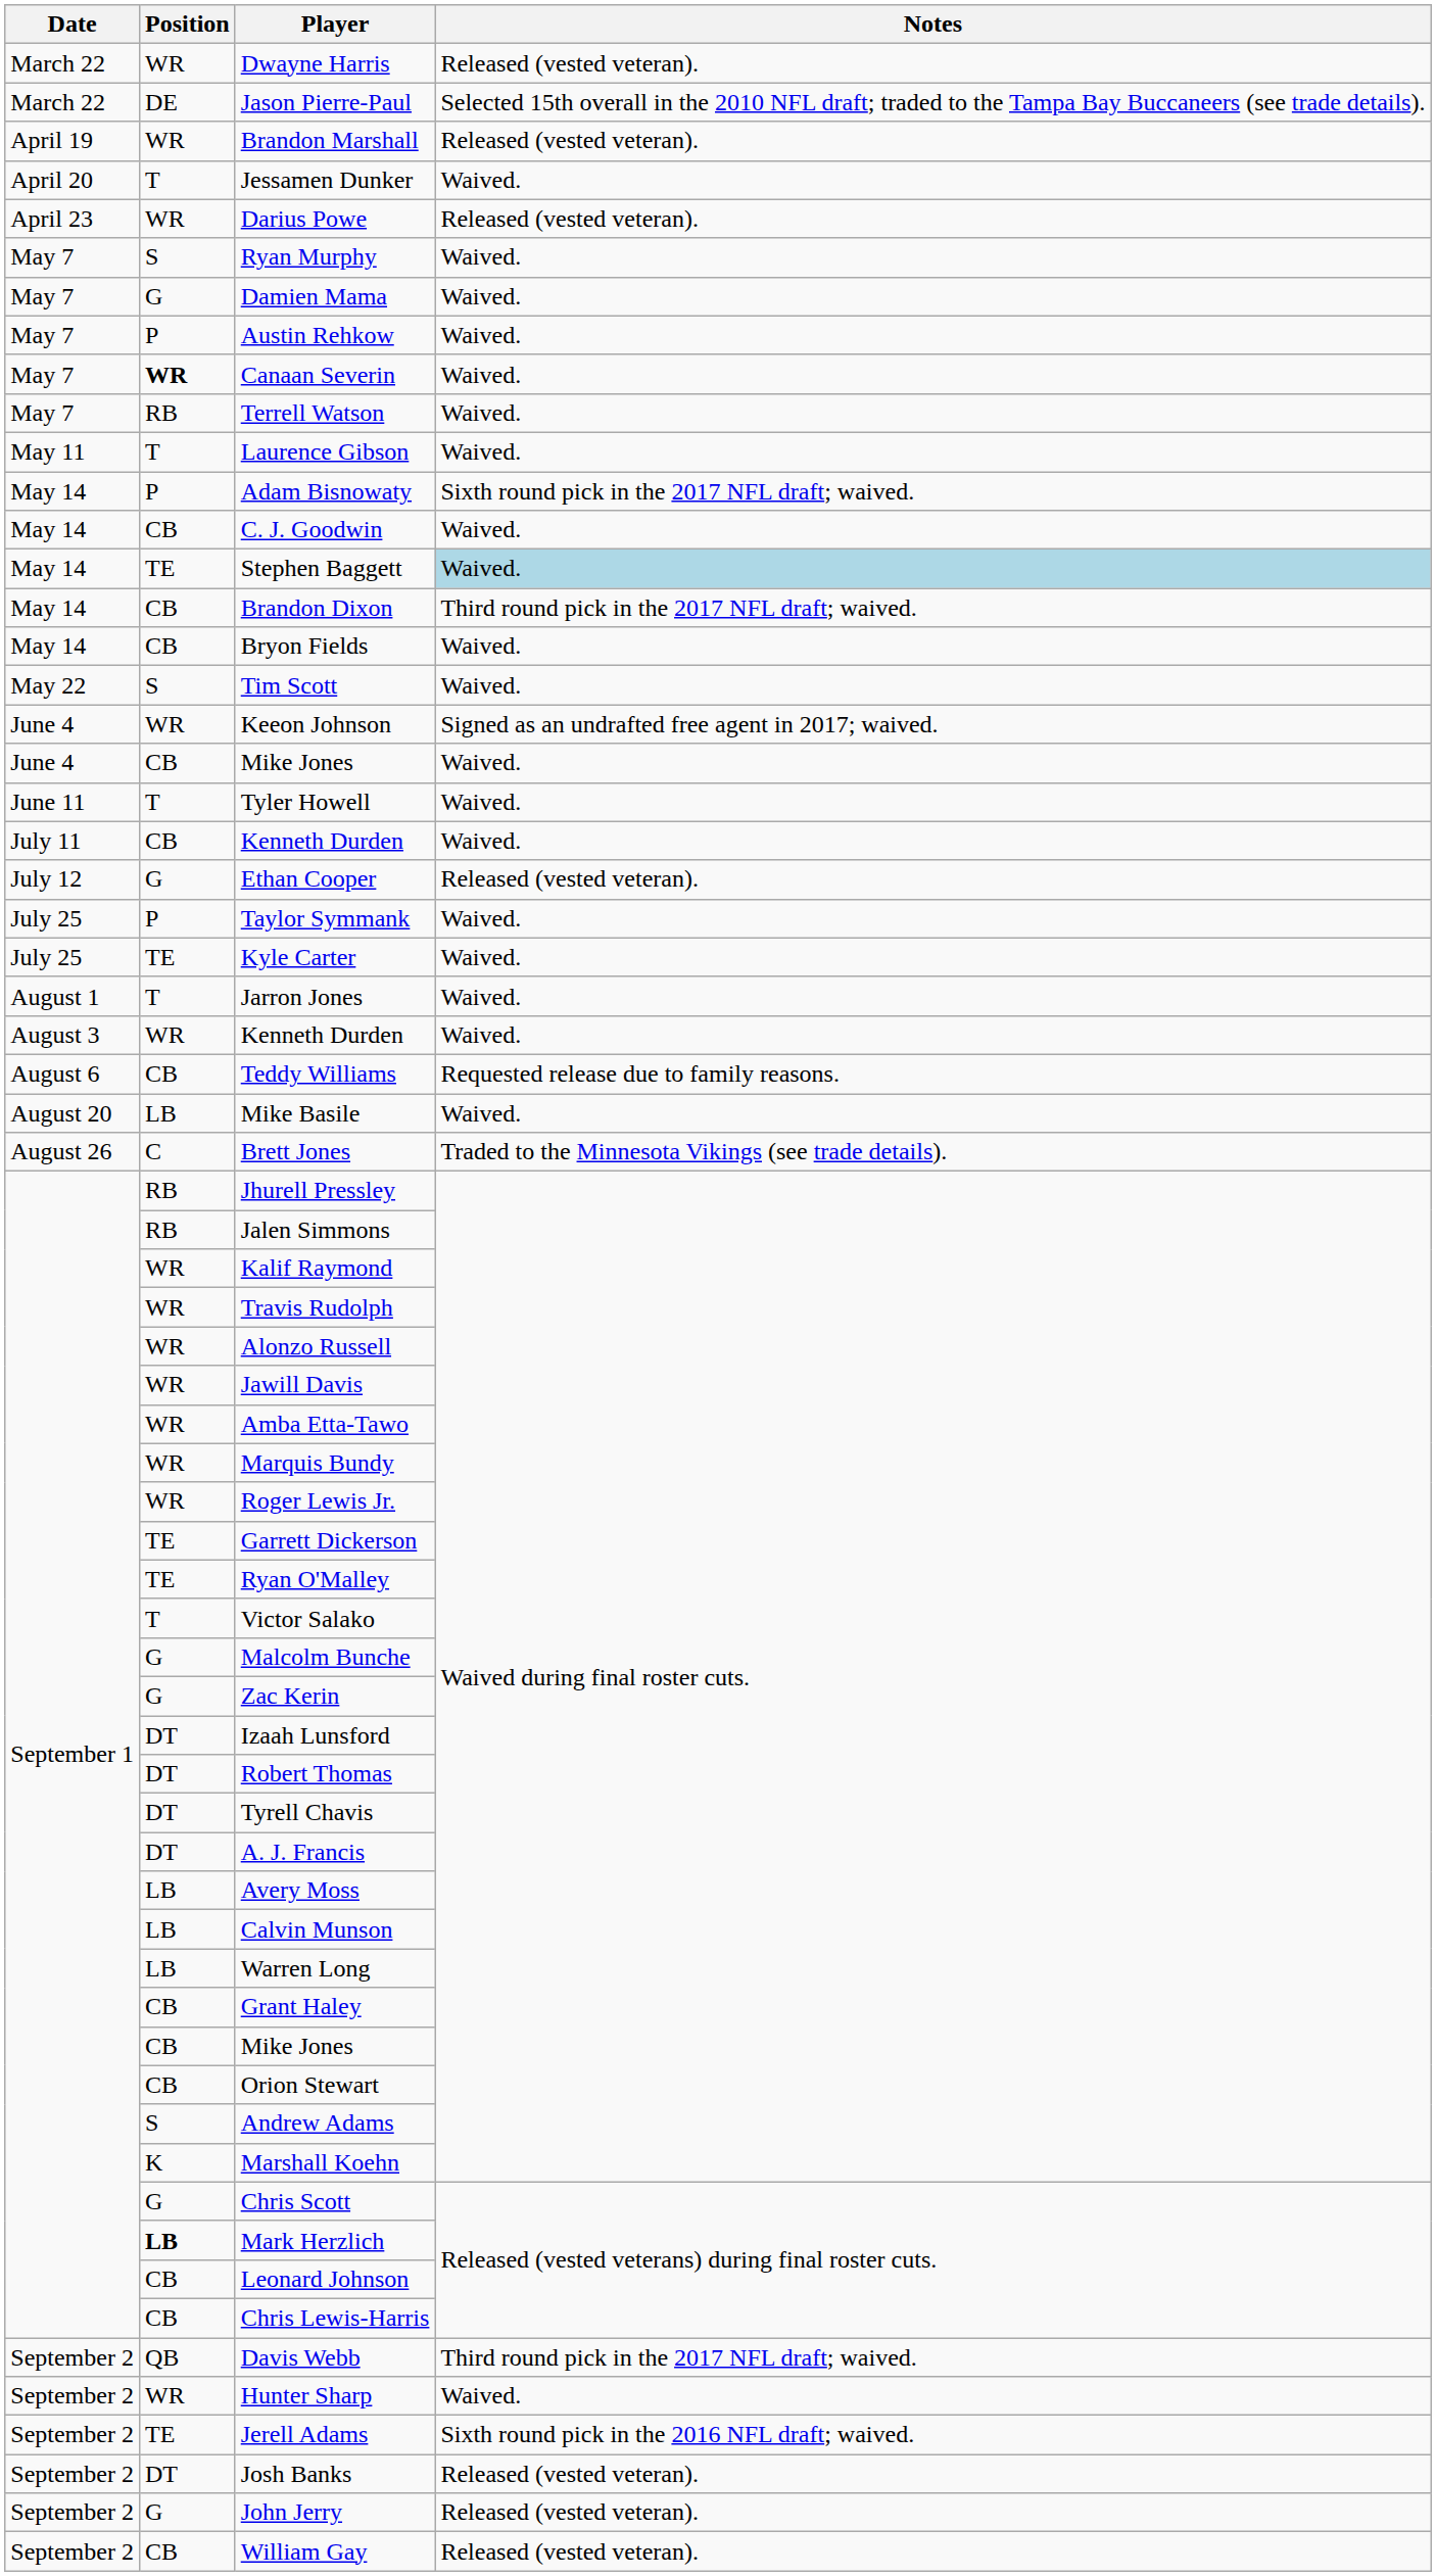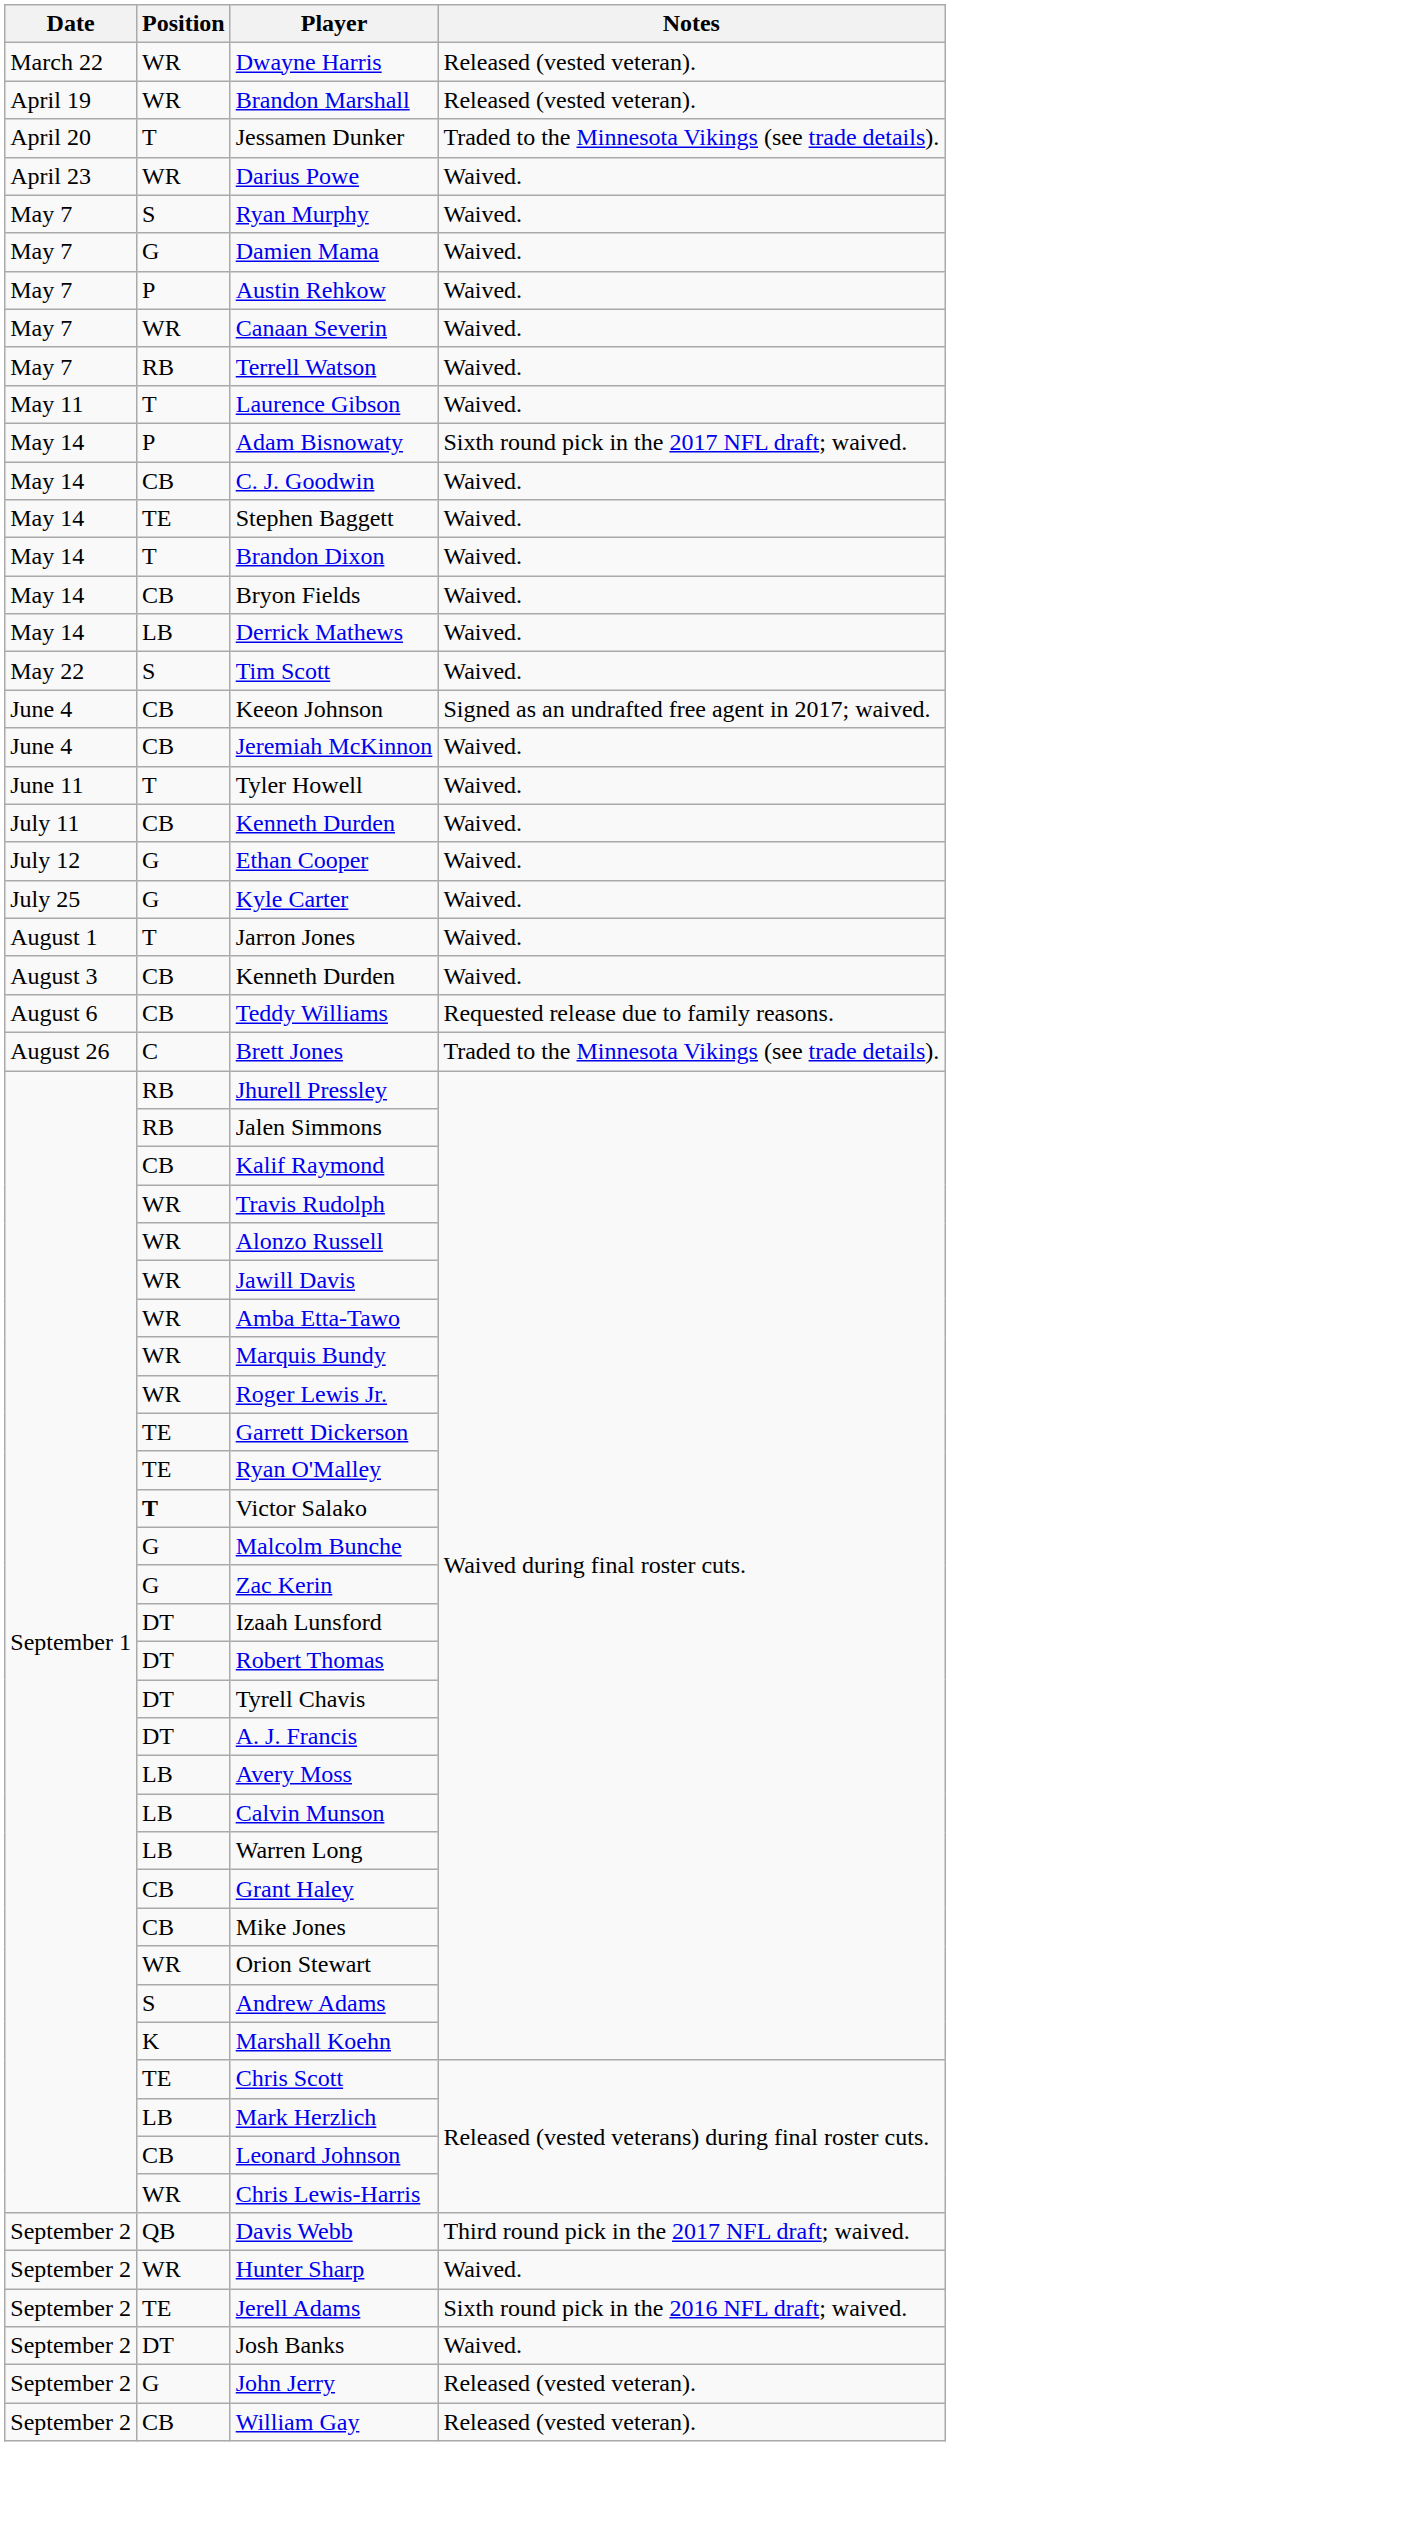 <table class="wikitable sortable">
 <tr>
 <th>Date</th>
 <th>Position</th>
 <th>Player</th>
 <th>Notes</th>
 </tr>
 <tr>
 <td>March 22</td>
 <td>WR</td>
 <td><a href='#'>Dwayne Harris</a></td>
 <td>Released (vested veteran).</td>
 </tr>
 <tr>
-<td>March 22</td>
-<td>DE</td>
-<td><a href='#'>Jason Pierre-Paul</a></td>
-<td>Selected 15th overall in the <a href='#'>2010 NFL draft</a>; traded to the <a href='#'>Tampa Bay Buccaneers</a> (see <a href='#'>trade details</a>).</td>
-</tr>
-<tr>
 <td>April 19</td>
 <td>WR</td>
 <td><a href='#'>Brandon Marshall</a></td>
 <td>Released (vested veteran).</td>
 </tr>
 <tr>
 <td>April 20</td>
 <td>T</td>
 <td>Jessamen Dunker</td>
-<td>Waived.</td>
+<td>Traded to the <a href='#'>Minnesota Vikings</a> (see <a href='#'>trade details</a>).</td>
 </tr>
 <tr>
 <td>April 23</td>
 <td>WR</td>
 <td><a href='#'>Darius Powe</a></td>
-<td>Released (vested veteran).</td>
+<td>Waived.</td>
 </tr>
 <tr>
 <td>May 7</td>
 <td>S</td>
 <td><a href='#'>Ryan Murphy</a></td>
 <td>Waived.</td>
 </tr>
 <tr>
 <td>May 7</td>
 <td>G</td>
 <td><a href='#'>Damien Mama</a></td>
 <td>Waived.</td>
 </tr>
 <tr>
 <td>May 7</td>
 <td>P</td>
 <td><a href='#'>Austin Rehkow</a></td>
 <td>Waived.</td>
 </tr>
 <tr>
 <td>May 7</td>
-<td><strong>WR</strong></td>
+<td>WR</td>
 <td><a href='#'>Canaan Severin</a></td>
 <td>Waived.</td>
 </tr>
 <tr>
 <td>May 7</td>
 <td>RB</td>
 <td><a href='#'>Terrell Watson</a></td>
 <td>Waived.</td>
 </tr>
 <tr>
 <td>May 11</td>
 <td>T</td>
 <td><a href='#'>Laurence Gibson</a></td>
 <td>Waived.</td>
 </tr>
 <tr>
 <td>May 14</td>
 <td>P</td>
 <td><a href='#'>Adam Bisnowaty</a></td>
 <td>Sixth round pick in the <a href='#'>2017 NFL draft</a>; waived.</td>
 </tr>
 <tr>
 <td>May 14</td>
 <td>CB</td>
 <td><a href='#'>C. J. Goodwin</a></td>
 <td>Waived.</td>
 </tr>
 <tr>
 <td>May 14</td>
 <td>TE</td>
 <td>Stephen Baggett</td>
-<td style="background: lightblue;">Waived.</td>
+<td>Waived.</td>
 </tr>
 <tr>
 <td>May 14</td>
-<td>CB</td>
+<td>T</td>
 <td><a href='#'>Brandon Dixon</a></td>
-<td>Third round pick in the <a href='#'>2017 NFL draft</a>; waived.</td>
+<td>Waived.</td>
 </tr>
 <tr>
 <td>May 14</td>
 <td>CB</td>
 <td>Bryon Fields</td>
+<td>Waived.</td>
+</tr>
+<tr>
+<td>May 14</td>
+<td>LB</td>
+<td><a href='#'>Derrick Mathews</a></td>
 <td>Waived.</td>
 </tr>
 <tr>
 <td>May 22</td>
 <td>S</td>
 <td><a href='#'>Tim Scott</a></td>
 <td>Waived.</td>
 </tr>
 <tr>
 <td>June 4</td>
-<td>WR</td>
+<td>CB</td>
 <td>Keeon Johnson</td>
 <td>Signed as an undrafted free agent in 2017; waived.</td>
 </tr>
 <tr>
 <td>June 4</td>
 <td>CB</td>
-<td>Mike Jones</td>
+<td><a href='#'>Jeremiah McKinnon</a></td>
 <td>Waived.</td>
 </tr>
 <tr>
 <td>June 11</td>
 <td>T</td>
 <td>Tyler Howell</td>
 <td>Waived.</td>
 </tr>
 <tr>
 <td>July 11</td>
 <td>CB</td>
 <td><a href='#'>Kenneth Durden</a></td>
 <td>Waived.</td>
 </tr>
 <tr>
 <td>July 12</td>
 <td>G</td>
 <td><a href='#'>Ethan Cooper</a></td>
-<td>Released (vested veteran).</td>
-</tr>
-<tr>
-<td>July 25</td>
-<td>P</td>
-<td><a href='#'>Taylor Symmank</a></td>
 <td>Waived.</td>
 </tr>
 <tr>
 <td>July 25</td>
-<td>TE</td>
+<td>G</td>
 <td><a href='#'>Kyle Carter</a></td>
 <td>Waived.</td>
 </tr>
 <tr>
 <td>August 1</td>
 <td>T</td>
 <td>Jarron Jones</td>
 <td>Waived.</td>
 </tr>
 <tr>
 <td>August 3</td>
-<td>WR</td>
+<td>CB</td>
 <td>Kenneth Durden</td>
 <td>Waived.</td>
 </tr>
 <tr>
 <td>August 6</td>
 <td>CB</td>
 <td><a href='#'>Teddy Williams</a></td>
 <td>Requested release due to family reasons.</td>
-</tr>
-<tr>
-<td>August 20</td>
-<td>LB</td>
-<td>Mike Basile</td>
-<td>Waived.</td>
 </tr>
 <tr>
 <td>August 26</td>
 <td>C</td>
 <td><a href='#'>Brett Jones</a></td>
 <td>Traded to the <a href='#'>Minnesota Vikings</a> (see <a href='#'>trade details</a>).</td>
 </tr>
 <tr>
 <td rowspan=30>September 1</td>
 <td>RB</td>
 <td><a href='#'>Jhurell Pressley</a></td>
 <td rowspan=26>Waived during final roster cuts.</td>
 </tr>
 <tr>
 <td>RB</td>
 <td>Jalen Simmons</td>
 </tr>
 <tr>
-<td>WR</td>
+<td>CB</td>
 <td><a href='#'>Kalif Raymond</a></td>
 </tr>
 <tr>
 <td>WR</td>
 <td><a href='#'>Travis Rudolph</a></td>
 </tr>
 <tr>
 <td>WR</td>
 <td><a href='#'>Alonzo Russell</a></td>
 </tr>
 <tr>
 <td>WR</td>
 <td><a href='#'>Jawill Davis</a></td>
 </tr>
 <tr>
 <td>WR</td>
 <td><a href='#'>Amba Etta-Tawo</a></td>
 </tr>
 <tr>
 <td>WR</td>
 <td><a href='#'>Marquis Bundy</a></td>
 </tr>
 <tr>
 <td>WR</td>
 <td><a href='#'>Roger Lewis Jr.</a></td>
 </tr>
 <tr>
 <td>TE</td>
 <td><a href='#'>Garrett Dickerson</a></td>
 </tr>
 <tr>
 <td>TE</td>
 <td><a href='#'>Ryan O'Malley</a></td>
 </tr>
 <tr>
-<td>T</td>
+<td><strong>T</strong></td>
 <td>Victor Salako</td>
 </tr>
 <tr>
 <td>G</td>
 <td><a href='#'>Malcolm Bunche</a></td>
 </tr>
 <tr>
 <td>G</td>
 <td><a href='#'>Zac Kerin</a></td>
 </tr>
 <tr>
 <td>DT</td>
 <td>Izaah Lunsford</td>
 </tr>
 <tr>
 <td>DT</td>
 <td><a href='#'>Robert Thomas</a></td>
 </tr>
 <tr>
 <td>DT</td>
 <td>Tyrell Chavis</td>
 </tr>
 <tr>
 <td>DT</td>
 <td><a href='#'>A. J. Francis</a></td>
 </tr>
 <tr>
 <td>LB</td>
 <td><a href='#'>Avery Moss</a></td>
 </tr>
 <tr>
 <td>LB</td>
 <td><a href='#'>Calvin Munson</a></td>
 </tr>
 <tr>
 <td>LB</td>
 <td>Warren Long</td>
 </tr>
 <tr>
 <td>CB</td>
 <td><a href='#'>Grant Haley</a></td>
 </tr>
 <tr>
 <td>CB</td>
 <td>Mike Jones</td>
 </tr>
 <tr>
-<td>CB</td>
+<td>WR</td>
 <td>Orion Stewart</td>
 </tr>
 <tr>
 <td>S</td>
 <td><a href='#'>Andrew Adams</a></td>
 </tr>
 <tr>
 <td>K</td>
 <td><a href='#'>Marshall Koehn</a></td>
 </tr>
 <tr>
-<td>G</td>
+<td>TE</td>
 <td><a href='#'>Chris Scott</a></td>
 <td rowspan=4>Released (vested veterans) during final roster cuts.</td>
 </tr>
 <tr>
-<td><strong>LB</strong></td>
+<td>LB</td>
 <td><a href='#'>Mark Herzlich</a></td>
 </tr>
 <tr>
 <td>CB</td>
 <td><a href='#'>Leonard Johnson</a></td>
 </tr>
 <tr>
-<td>CB</td>
+<td>WR</td>
 <td><a href='#'>Chris Lewis-Harris</a></td>
 </tr>
 <tr>
 <td>September 2</td>
 <td>QB</td>
 <td><a href='#'>Davis Webb</a></td>
 <td>Third round pick in the <a href='#'>2017 NFL draft</a>; waived.</td>
 </tr>
 <tr>
 <td>September 2</td>
 <td>WR</td>
 <td><a href='#'>Hunter Sharp</a></td>
 <td>Waived.</td>
 </tr>
 <tr>
 <td>September 2</td>
 <td>TE</td>
 <td><a href='#'>Jerell Adams</a></td>
 <td>Sixth round pick in the <a href='#'>2016 NFL draft</a>; waived.</td>
 </tr>
 <tr>
 <td>September 2</td>
 <td>DT</td>
 <td>Josh Banks</td>
-<td>Released (vested veteran).</td>
+<td>Waived.</td>
 </tr>
 <tr>
 <td>September 2</td>
 <td>G</td>
 <td><a href='#'>John Jerry</a></td>
 <td>Released (vested veteran).</td>
 </tr>
 <tr>
 <td>September 2</td>
 <td>CB</td>
 <td><a href='#'>William Gay</a></td>
 <td>Released (vested veteran).</td>
 </tr>
 </table>
